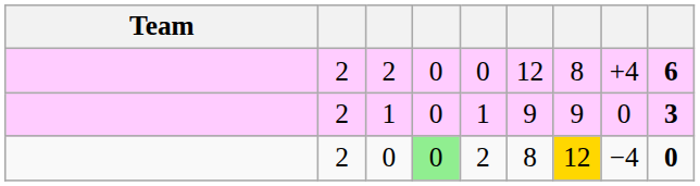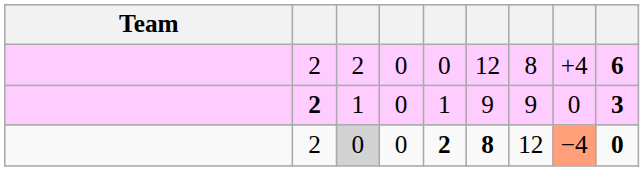 <table class="wikitable" style="text-align: center;">
 <tr>
 <th width="175">Team</th>
 <th width="20"></th>
 <th width="20"></th>
 <th width="20"></th>
 <th width="20"></th>
 <th width="20"></th>
 <th width="20"></th>
 <th width="20"></th>
 <th width="20"></th>
 </tr>
 <tr style="background-color: #ffccff;">
 <td align=left></td>
 <td>2</td>
 <td>2</td>
 <td>0</td>
 <td>0</td>
 <td>12</td>
 <td>8</td>
 <td>+4</td>
 <td><strong>6</strong></td>
 </tr>
 <tr style="background-color: #ffccff;">
 <td align=left></td>
-<td>2</td>
+<td><strong>2</strong></td>
 <td>1</td>
 <td>0</td>
 <td>1</td>
 <td>9</td>
 <td>9</td>
 <td>0</td>
 <td><strong>3</strong></td>
 </tr>
 <tr>
 <td align=left></td>
 <td>2</td>
+<td style="background: lightgrey;">0</td>
 <td>0</td>
-<td style="background: lightgreen;">0</td>
-<td>2</td>
-<td>8</td>
-<td style="background: gold;">12</td>
-<td>−4</td>
+<td><strong>2</strong></td>
+<td><strong>8</strong></td>
+<td>12</td>
+<td style="background: lightsalmon;">−4</td>
 <td><strong>0</strong></td>
 </tr>
 </table>
